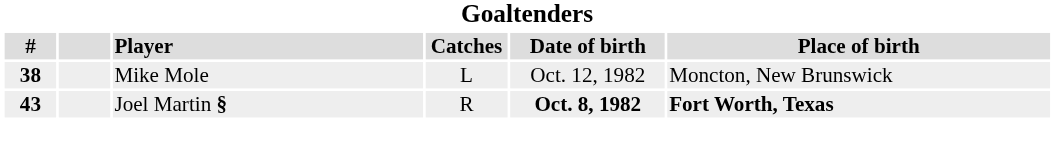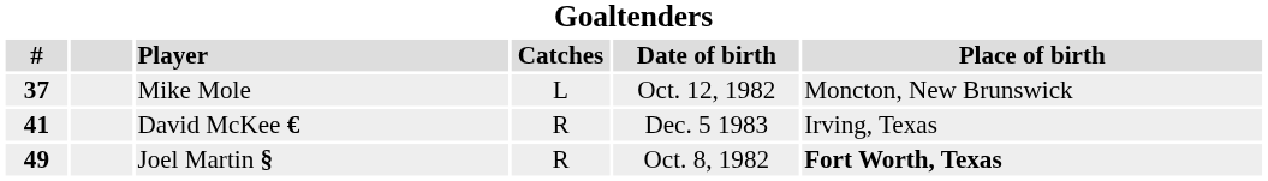 <table width=90%>
 <tr>
 <th colspan=6><div><big>Goaltenders</big></div></th>
 </tr>
 <tr bgcolor="#dddddd">
 <th width=5%>#</th>
 <th width=5%></th>
 <td align=left!!width=15%><strong>Player</strong></td>
 <th width=8%>Catches</th>
 <th width=15%>Date of birth</th>
 <th width=37%>Place of birth<br>    </th>
 </tr>
 <tr bgcolor="#eeeeee">
-<td align=center><strong>38</strong></td>
+<td align=center><strong>37</strong></td>
 <td align=center></td>
 <td>Mike Mole</td>
 <td align=center>L</td>
 <td align=center>Oct. 12, 1982</td>
 <td>Moncton, New Brunswick<br> </td>
 </tr>
 <tr bgcolor="#eeeeee">
-<td align=center><strong>43</strong></td>
+<td align=center><strong>41</strong></td>
+<td align=center></td>
+<td>David McKee <strong>€</strong></td>
+<td align=center>R</td>
+<td align=center>Dec. 5 1983</td>
+<td>Irving, Texas<br> </td>
+</tr>
+<tr bgcolor="#eeeeee">
+<td align=center><strong>49</strong></td>
 <td align=center></td>
 <td>Joel Martin <strong>§</strong></td>
 <td align=center>R</td>
-<td align=center><strong>Oct. 8, 1982</strong></td>
+<td align=center>Oct. 8, 1982</td>
 <td><strong>Fort Worth, Texas</strong></td>
 </tr>
 </table>
